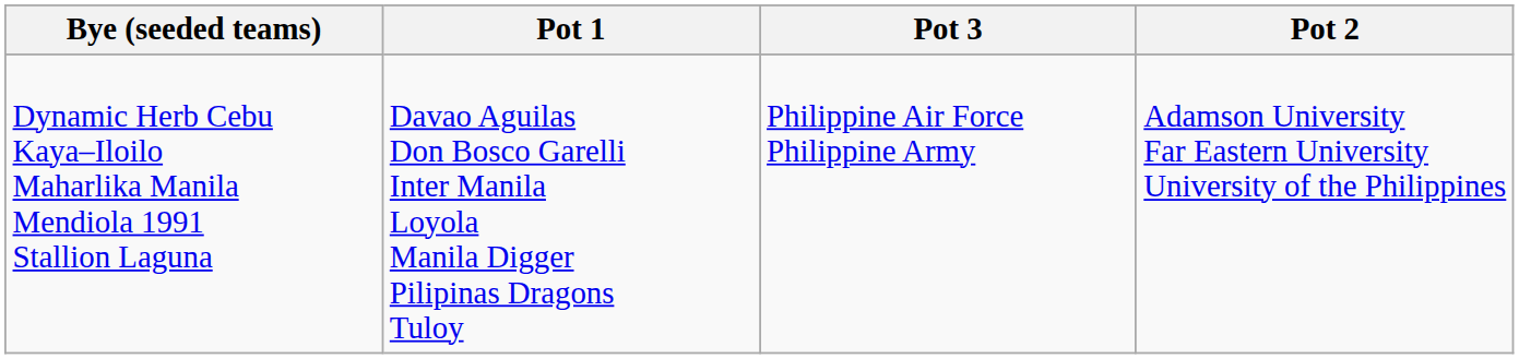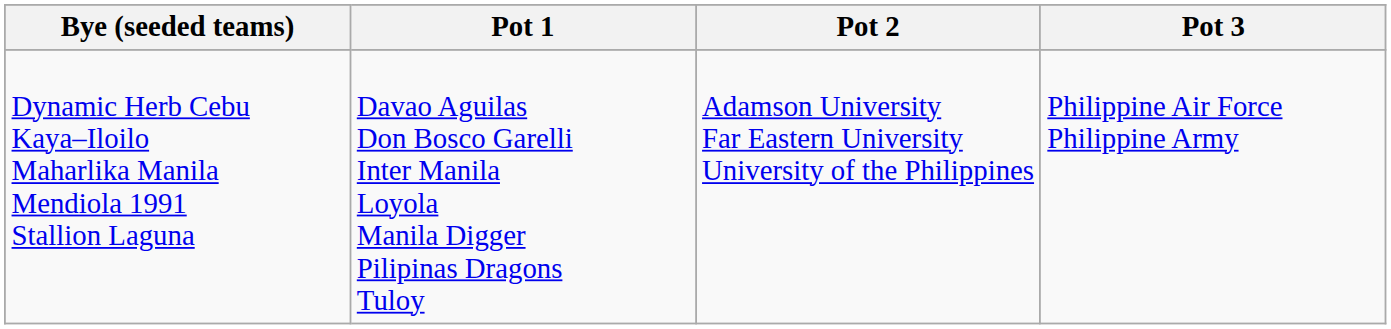 <table class="wikitable">
 <tr style="vertical-align:top">
 <th width=25%>Bye (seeded teams)</th>
 <th width=25%>Pot 1</th>
+<th width=25%>Pot 2</th>
 <th width=25%>Pot 3</th>
-<th width=25%>Pot 2</th>
 </tr>
 <tr style="vertical-align:top">
 <td><br><a href='#'>Dynamic Herb Cebu</a><br> <a href='#'>Kaya–Iloilo</a><br> <a href='#'>Maharlika Manila</a><br> <a href='#'>Mendiola 1991</a><br> <a href='#'>Stallion Laguna</a><br></td>
 <td><br><a href='#'>Davao Aguilas</a><br> <a href='#'>Don Bosco Garelli</a><br> <a href='#'>Inter Manila</a><br> <a href='#'>Loyola</a><br> <a href='#'>Manila Digger</a><br> <a href='#'>Pilipinas Dragons</a><br> <a href='#'>Tuloy</a><br></td>
+<td><br><a href='#'>Adamson University</a><br> <a href='#'>Far Eastern University</a><br> <a href='#'>University of the Philippines</a><br></td>
 <td><br><a href='#'>Philippine Air Force</a><br> <a href='#'>Philippine Army</a><br></td>
-<td><br><a href='#'>Adamson University</a><br> <a href='#'>Far Eastern University</a><br> <a href='#'>University of the Philippines</a><br></td>
 </tr>
 </table>
